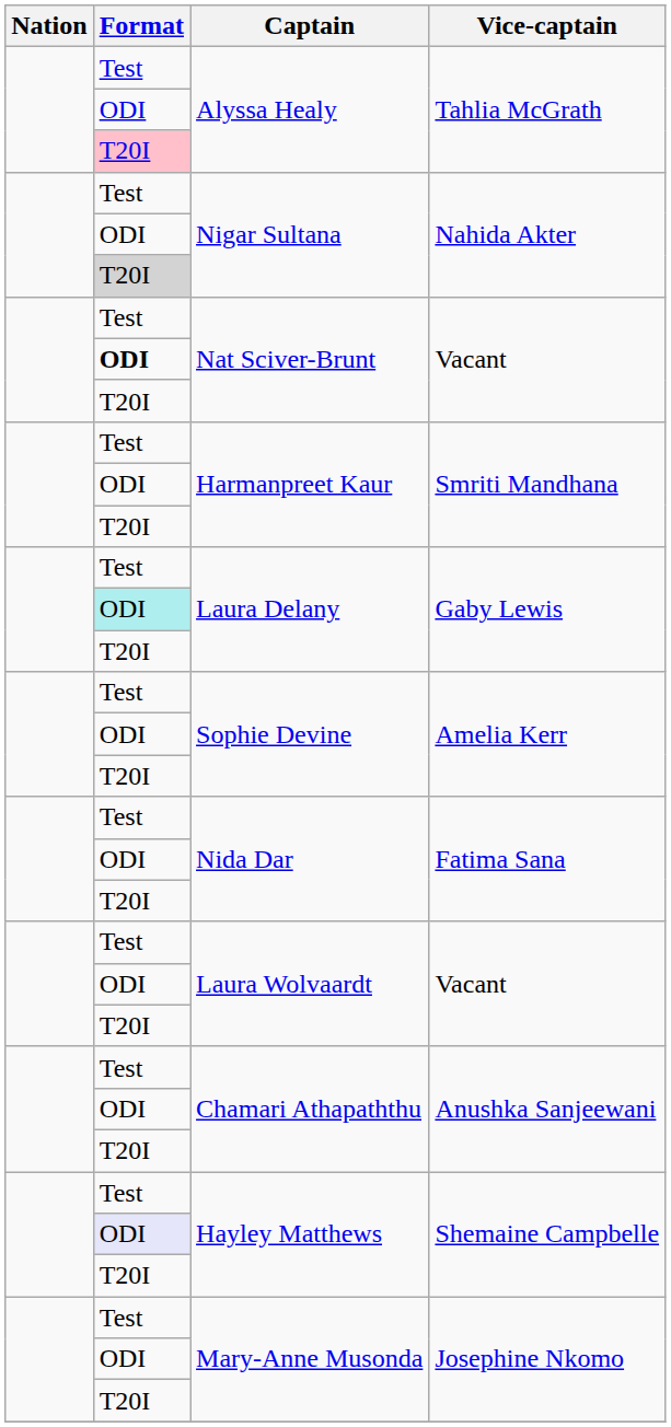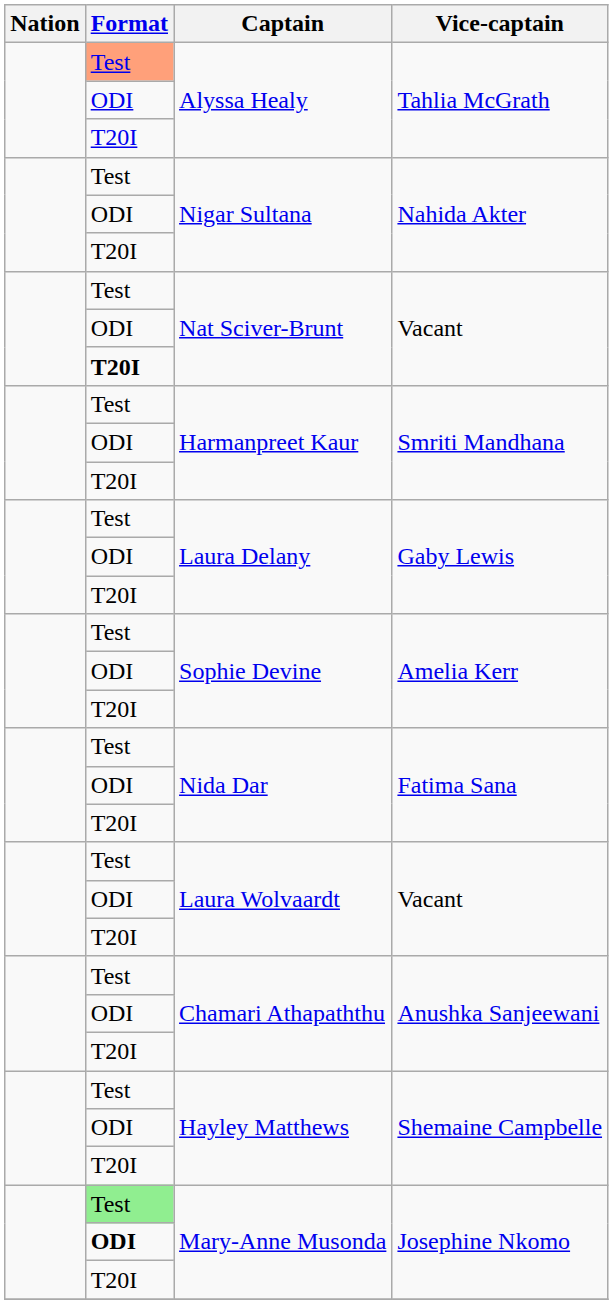 <table class="wikitable" style="text-align:left">
 <tr>
 <th>Nation</th>
 <th><a href='#'>Format</a></th>
 <th>Captain</th>
 <th>Vice-captain</th>
 </tr>
 <tr>
 <td rowspan="3"></td>
-<td><a href='#'>Test</a></td>
+<td style="background: lightsalmon;"><a href='#'>Test</a></td>
 <td rowspan="3"><a href='#'>Alyssa Healy</a></td>
 <td rowspan="3"><a href='#'>Tahlia McGrath</a></td>
 </tr>
 <tr>
 <td><a href='#'>ODI</a></td>
 </tr>
 <tr>
-<td style="background: pink;"><a href='#'>T20I</a></td>
+<td><a href='#'>T20I</a></td>
 </tr>
 <tr>
 <td rowspan=3></td>
 <td>Test</td>
 <td rowspan="3"><a href='#'>Nigar Sultana</a></td>
 <td rowspan="3"><a href='#'>Nahida Akter</a></td>
 </tr>
 <tr>
 <td>ODI</td>
 </tr>
 <tr>
-<td style="background: lightgrey;">T20I</td>
+<td>T20I</td>
 </tr>
 <tr>
 <td rowspan="3"></td>
 <td>Test</td>
 <td rowspan="3"><a href='#'>Nat Sciver-Brunt</a></td>
 <td rowspan="3">Vacant</td>
 </tr>
 <tr>
-<td><strong>ODI</strong></td>
+<td>ODI</td>
 </tr>
 <tr>
-<td>T20I</td>
+<td><strong>T20I</strong></td>
 </tr>
 <tr>
 <td rowspan=3></td>
 <td>Test</td>
 <td rowspan=3><a href='#'>Harmanpreet Kaur</a></td>
 <td rowspan=3><a href='#'>Smriti Mandhana</a></td>
 </tr>
 <tr>
 <td>ODI</td>
 </tr>
 <tr>
 <td>T20I</td>
 </tr>
 <tr>
 <td rowspan=3></td>
 <td>Test</td>
 <td rowspan=3><a href='#'>Laura Delany</a></td>
 <td rowspan=3><a href='#'>Gaby Lewis</a></td>
 </tr>
 <tr>
-<td style="background: paleturquoise;">ODI</td>
+<td>ODI</td>
 </tr>
 <tr>
 <td>T20I</td>
 </tr>
 <tr>
 <td rowspan=3></td>
 <td>Test</td>
 <td rowspan=3><a href='#'>Sophie Devine</a></td>
 <td rowspan=3><a href='#'>Amelia Kerr</a></td>
 </tr>
 <tr>
 <td>ODI</td>
 </tr>
 <tr>
 <td>T20I</td>
 </tr>
 <tr>
 <td rowspan="3"></td>
 <td>Test</td>
 <td rowspan="3"><a href='#'>Nida Dar</a></td>
 <td rowspan="3"><a href='#'>Fatima Sana</a></td>
 </tr>
 <tr>
 <td>ODI</td>
 </tr>
 <tr>
 <td>T20I</td>
 </tr>
 <tr>
 <td rowspan="3"></td>
 <td>Test</td>
 <td rowspan="3"><a href='#'>Laura Wolvaardt</a></td>
 <td rowspan="3">Vacant</td>
 </tr>
 <tr>
 <td>ODI</td>
 </tr>
 <tr>
 <td>T20I</td>
 </tr>
 <tr>
 <td rowspan=3></td>
 <td>Test</td>
 <td rowspan=3><a href='#'>Chamari Athapaththu</a></td>
 <td rowspan=3><a href='#'>Anushka Sanjeewani </a></td>
 </tr>
 <tr>
 <td>ODI</td>
 </tr>
 <tr>
 <td>T20I</td>
 </tr>
 <tr>
 <td rowspan=3></td>
 <td>Test</td>
 <td rowspan=3><a href='#'>Hayley Matthews</a></td>
 <td rowspan=3><a href='#'>Shemaine Campbelle</a></td>
 </tr>
 <tr>
-<td style="background: lavender;">ODI</td>
+<td>ODI</td>
 </tr>
 <tr>
 <td>T20I</td>
 </tr>
 <tr>
 <td rowspan=3></td>
-<td>Test</td>
+<td style="background: lightgreen;">Test</td>
 <td rowspan=3><a href='#'>Mary-Anne Musonda</a></td>
 <td rowspan=3><a href='#'>Josephine Nkomo</a></td>
 </tr>
 <tr>
-<td>ODI</td>
+<td><strong>ODI</strong></td>
 </tr>
 <tr>
 <td>T20I</td>
 </tr>
 <tr>
 </tr>
 </table>
